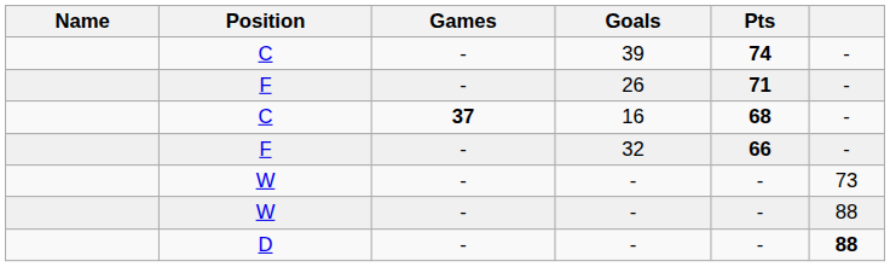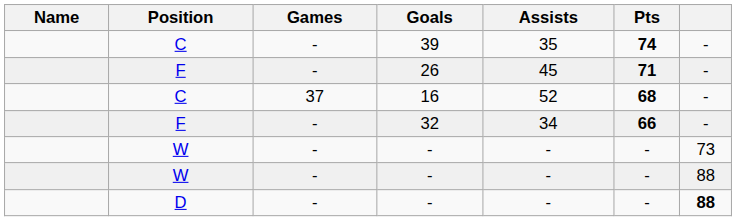 <table class="wikitable sortable" width ="700">
 <tr align="center">
 <th><strong>Name</strong></th>
 <th><strong>Position</strong></th>
 <th><strong>Games</strong></th>
 <th><strong>Goals</strong></th>
+<th><strong>Assists</strong></th>
 <th><strong>Pts</strong></th>
 <th><strong><a href='#'></a></strong></th>
 </tr>
 <tr align="center" bgcolor="">
 <td></td>
 <td><a href='#'>C</a></td>
 <td>-</td>
 <td>39</td>
+<td>35</td>
 <td><strong>74</strong></td>
 <td>-</td>
 </tr>
 <tr align="center" bgcolor="f0f0f0">
 <td></td>
 <td><a href='#'>F</a></td>
 <td>-</td>
 <td>26</td>
+<td>45</td>
 <td><strong>71</strong></td>
 <td>-</td>
 </tr>
 <tr align="center" bgcolor="">
 <td></td>
 <td><a href='#'>C</a></td>
-<td><strong>37</strong></td>
+<td>37</td>
 <td>16</td>
+<td>52</td>
 <td><strong>68</strong></td>
 <td>-</td>
 </tr>
 <tr align="center" bgcolor="f0f0f0">
 <td></td>
 <td><a href='#'>F</a></td>
 <td>-</td>
 <td>32</td>
+<td>34</td>
 <td><strong>66</strong></td>
 <td>-</td>
 </tr>
 <tr align="center" bgcolor="">
 <td></td>
 <td><a href='#'>W</a></td>
+<td>-</td>
 <td>-</td>
 <td>-</td>
 <td>-</td>
 <td>73</td>
 </tr>
 <tr align="center" bgcolor="f0f0f0">
 <td></td>
 <td><a href='#'>W</a></td>
 <td>-</td>
 <td>-</td>
 <td>-</td>
+<td>-</td>
 <td>88</td>
 </tr>
 <tr align="center" bgcolor="">
 <td></td>
 <td><a href='#'>D</a></td>
 <td>-</td>
 <td>-</td>
 <td>-</td>
+<td>-</td>
 <td><strong>88</strong></td>
 </tr>
 </table>
